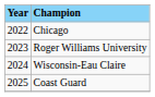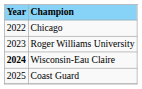 <table class="wikitable" style="font-size:85%;">
 <tr ! style="background-color: #87D3F8;">
 <td><strong>Year</strong></td>
 <td><strong>Champion</strong></td>
 </tr>
 <tr --->
 <td>2022</td>
 <td>Chicago</td>
 </tr>
 <tr --->
 <td>2023</td>
 <td>Roger Williams University</td>
 </tr>
 <tr --->
-<td>2024</td>
+<td><strong>2024</strong></td>
 <td>Wisconsin-Eau Claire</td>
 </tr>
 <tr --->
 <td>2025</td>
 <td>Coast Guard</td>
 </tr>
 <tr --->
 </tr>
 </table>
